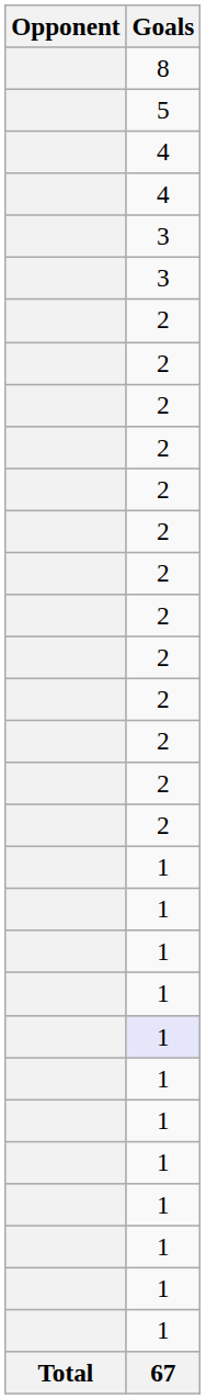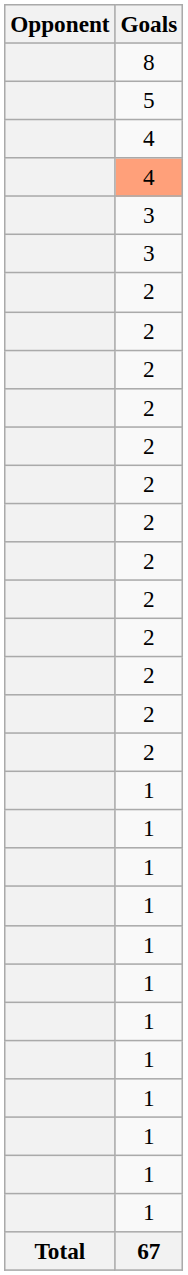 <table class="wikitable plainrowheaders sortable" style="text-align:center; font-size:95%">
 <tr>
 <th scope="col">Opponent</th>
 <th scope="col">Goals</th>
 </tr>
 <tr>
 <th scope="row"></th>
 <td>8</td>
 </tr>
 <tr>
 <th scope="row"></th>
 <td>5</td>
 </tr>
 <tr>
 <th scope="row"></th>
 <td>4</td>
 </tr>
 <tr>
 <th scope="row"></th>
-<td>4</td>
+<td style="background: lightsalmon;">4</td>
 </tr>
 <tr>
 <th scope="row"></th>
 <td>3</td>
 </tr>
 <tr>
 <th scope="row"></th>
 <td>3</td>
 </tr>
 <tr>
 <th scope="row"></th>
 <td>2</td>
 </tr>
 <tr>
 <th scope="row"></th>
 <td>2</td>
 </tr>
 <tr>
 <th scope="row"></th>
 <td>2</td>
 </tr>
 <tr>
 <th scope="row"></th>
 <td>2</td>
 </tr>
 <tr>
 <th scope="row"></th>
 <td>2</td>
 </tr>
 <tr>
 <th scope="row"></th>
 <td>2</td>
 </tr>
 <tr>
 <th scope="row"></th>
 <td>2</td>
 </tr>
 <tr>
 <th scope="row"></th>
 <td>2</td>
 </tr>
 <tr>
 <th scope="row"></th>
 <td>2</td>
 </tr>
 <tr>
 <th scope="row"></th>
 <td>2</td>
 </tr>
 <tr>
 <th scope="row"></th>
 <td>2</td>
 </tr>
 <tr>
 <th scope="row"></th>
 <td>2</td>
 </tr>
 <tr>
 <th scope="row"></th>
 <td>2</td>
 </tr>
 <tr>
 <th scope="row"></th>
 <td>1</td>
 </tr>
 <tr>
 <th scope="row"></th>
 <td>1</td>
 </tr>
 <tr>
 <th scope="row"></th>
 <td>1</td>
 </tr>
 <tr>
 <th scope="row"></th>
 <td>1</td>
 </tr>
 <tr>
 <th scope="row"></th>
-<td style="background: lavender;">1</td>
+<td>1</td>
 </tr>
 <tr>
 <th scope="row"></th>
 <td>1</td>
 </tr>
 <tr>
 <th scope="row"></th>
 <td>1</td>
 </tr>
 <tr>
 <th scope="row"></th>
 <td>1</td>
 </tr>
 <tr>
 <th scope="row"></th>
 <td>1</td>
 </tr>
 <tr>
 <th scope="row"></th>
 <td>1</td>
 </tr>
 <tr>
 <th scope="row"></th>
 <td>1</td>
 </tr>
 <tr>
 <th scope="row"></th>
 <td>1</td>
 </tr>
 <tr>
 <th>Total</th>
 <th>67</th>
 </tr>
 </table>
